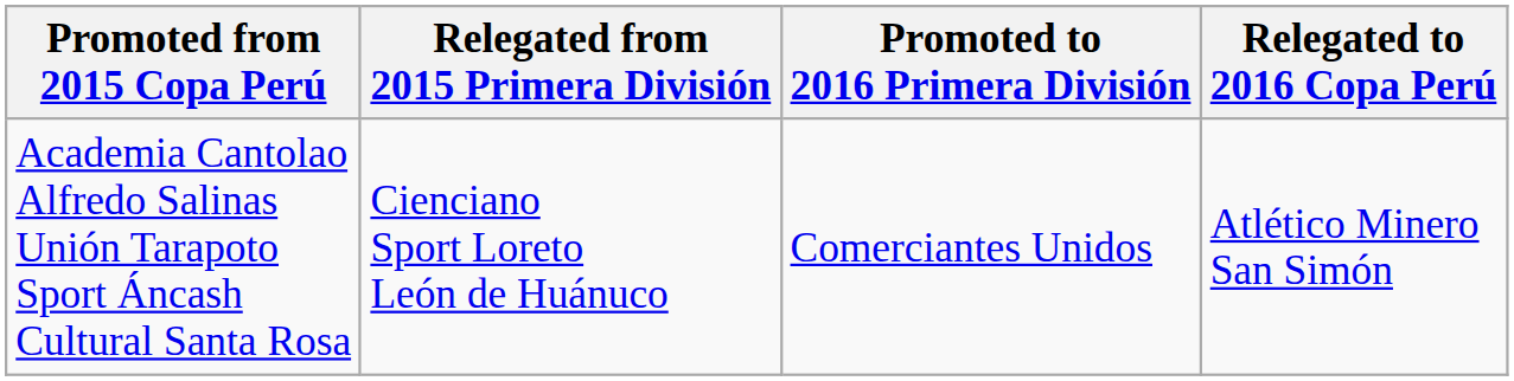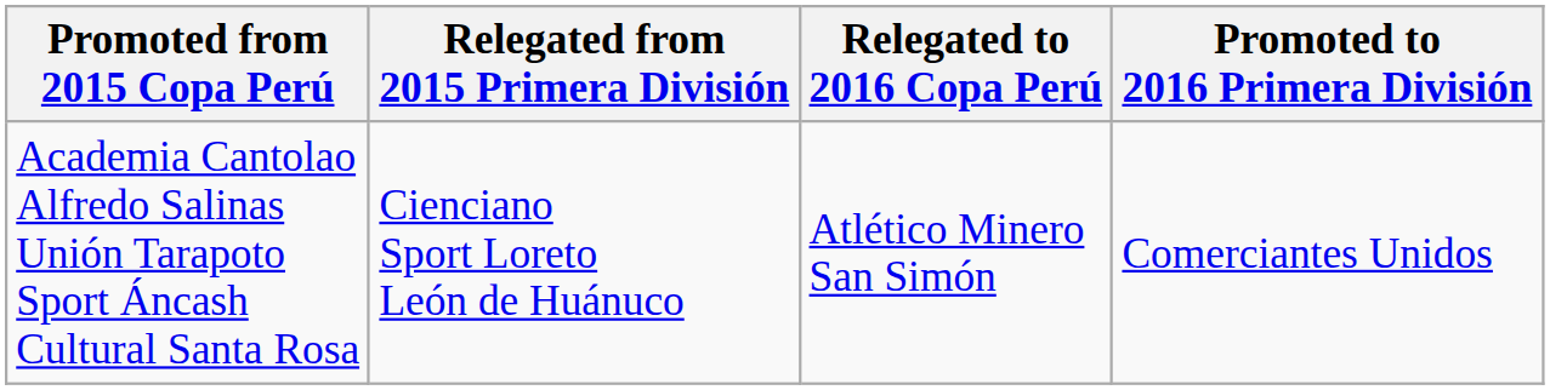 <table class="wikitable">
 <tr>
 <th>Promoted from<br><a href='#'>2015 Copa Perú</a></th>
 <th>Relegated from<br><a href='#'>2015 Primera División</a></th>
+<th>Relegated to<br><a href='#'>2016 Copa Perú</a></th>
 <th>Promoted to<br><a href='#'>2016 Primera División</a></th>
-<th>Relegated to<br><a href='#'>2016 Copa Perú</a></th>
 </tr>
 <tr>
 <td> <a href='#'>Academia Cantolao</a> <br> <a href='#'>Alfredo Salinas</a> <br> <a href='#'>Unión Tarapoto</a> <br> <a href='#'>Sport Áncash</a> <br> <a href='#'>Cultural Santa Rosa</a> </td>
 <td> <a href='#'>Cienciano</a> <br> <a href='#'>Sport Loreto</a> <br> <a href='#'>León de Huánuco</a> </td>
+<td> <a href='#'>Atlético Minero</a> <br> <a href='#'>San Simón</a> </td>
 <td> <a href='#'>Comerciantes Unidos</a> </td>
-<td> <a href='#'>Atlético Minero</a> <br> <a href='#'>San Simón</a> </td>
 </tr>
 </table>
